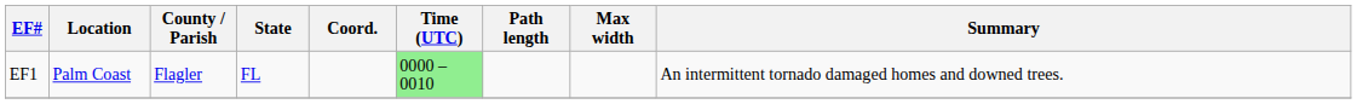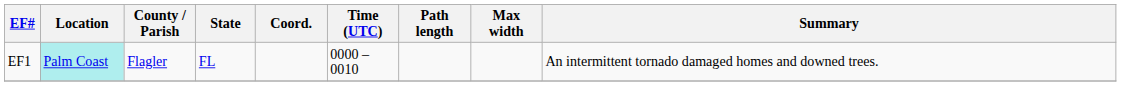 <table class="wikitable sortable" style="width:100%;">
 <tr>
 <th scope="col" width="3%" align="center"><a href='#'>EF#</a></th>
 <th scope="col" width="7%" align="center" class="unsortable">Location</th>
 <th scope="col" width="6%" align="center" class="unsortable">County / Parish</th>
 <th scope="col" width="5%" align="center">State</th>
 <th scope="col" width="6%" align="center">Coord.</th>
 <th scope="col" width="6%" align="center">Time (<a href='#'>UTC</a>)</th>
 <th scope="col" width="6%" align="center">Path length</th>
 <th scope="col" width="6%" align="center">Max width</th>
 <th scope="col" width="48%" class="unsortable" align="center">Summary</th>
 </tr>
 <tr>
 <td>EF1</td>
-<td><a href='#'>Palm Coast</a></td>
+<td style="background: paleturquoise;"><a href='#'>Palm Coast</a></td>
 <td><a href='#'>Flagler</a></td>
 <td><a href='#'>FL</a></td>
 <td></td>
-<td style="background: lightgreen;">0000 – 0010</td>
+<td>0000 – 0010</td>
 <td></td>
 <td></td>
 <td>An intermittent tornado damaged homes and downed trees.</td>
 </tr>
 <tr>
 </tr>
 </table>
